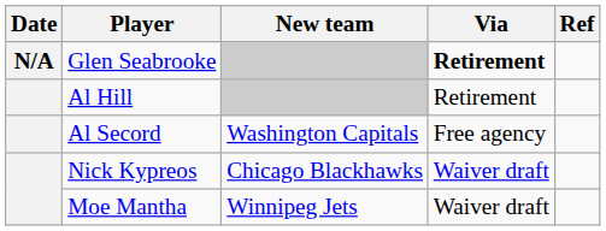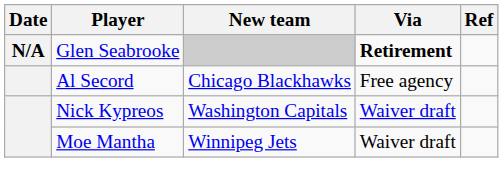 <table class="wikitable plainrowheaders">
 <tr style="background:#ddd; text-align:center;">
 <th>Date</th>
 <th>Player</th>
 <th>New team</th>
 <th>Via</th>
 <th>Ref</th>
 </tr>
 <tr>
 <th scope="row">N/A</th>
 <td><a href='#'>Glen Seabrooke</a></td>
 <td style="background:#ccc"></td>
 <td><strong>Retirement</strong></td>
 <td></td>
 </tr>
 <tr>
 <th scope="row"></th>
-<td><a href='#'>Al Hill</a></td>
-<td style="background:#ccc"></td>
-<td>Retirement</td>
-<td></td>
-</tr>
-<tr>
-<th scope="row"></th>
 <td><a href='#'>Al Secord</a></td>
-<td><a href='#'>Washington Capitals</a></td>
+<td><a href='#'>Chicago Blackhawks</a></td>
 <td>Free agency</td>
 <td></td>
 </tr>
 <tr>
 <th scope="row" rowspan="2"></th>
 <td><a href='#'>Nick Kypreos</a></td>
-<td><a href='#'>Chicago Blackhawks</a></td>
+<td><a href='#'>Washington Capitals</a></td>
 <td><a href='#'>Waiver draft</a></td>
 <td></td>
 </tr>
 <tr>
 <td><a href='#'>Moe Mantha</a></td>
 <td><a href='#'>Winnipeg Jets</a></td>
 <td>Waiver draft</td>
 <td></td>
 </tr>
 </table>
